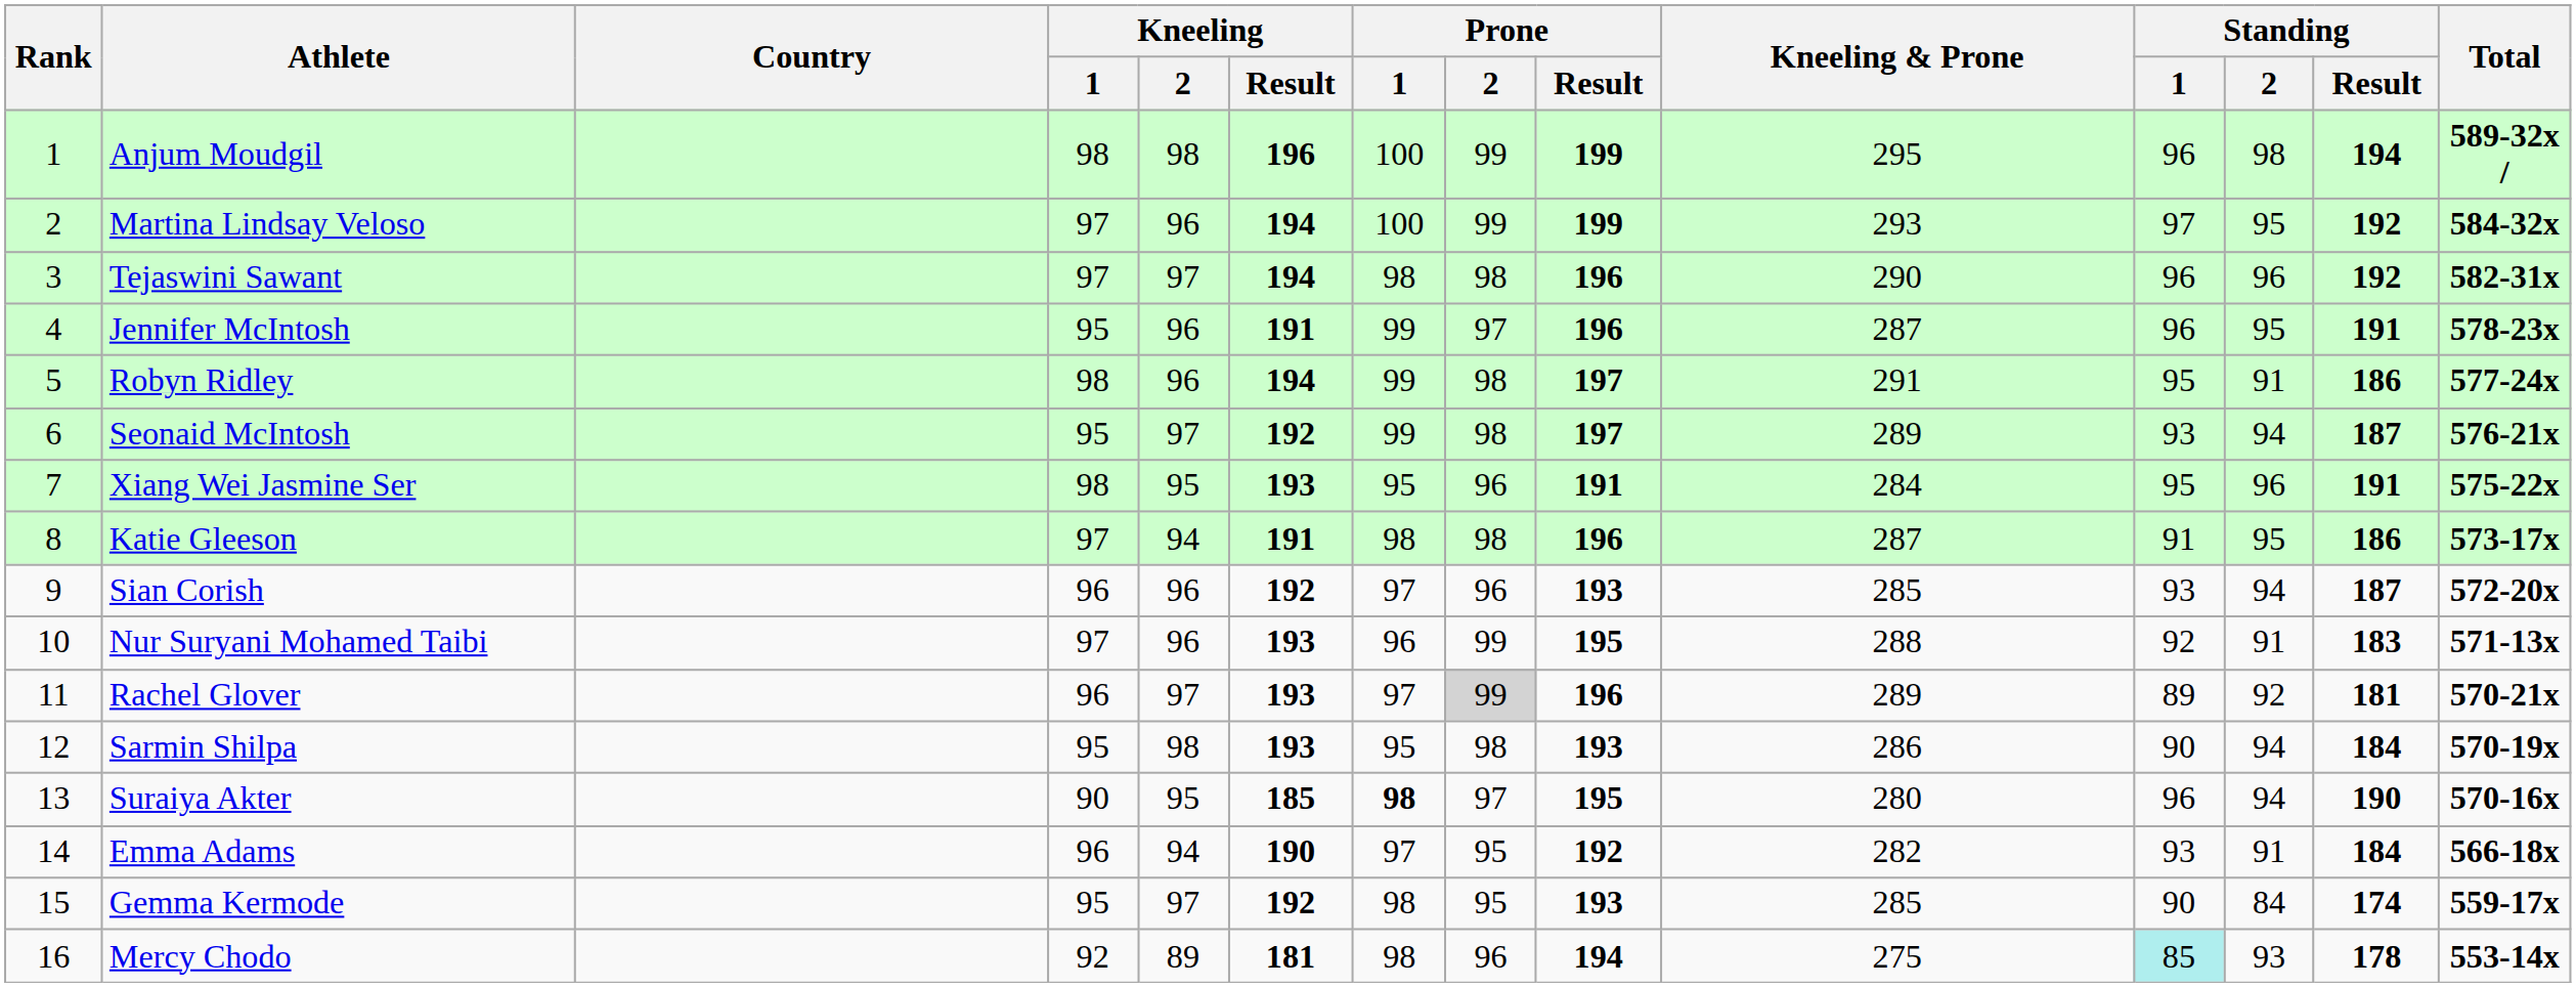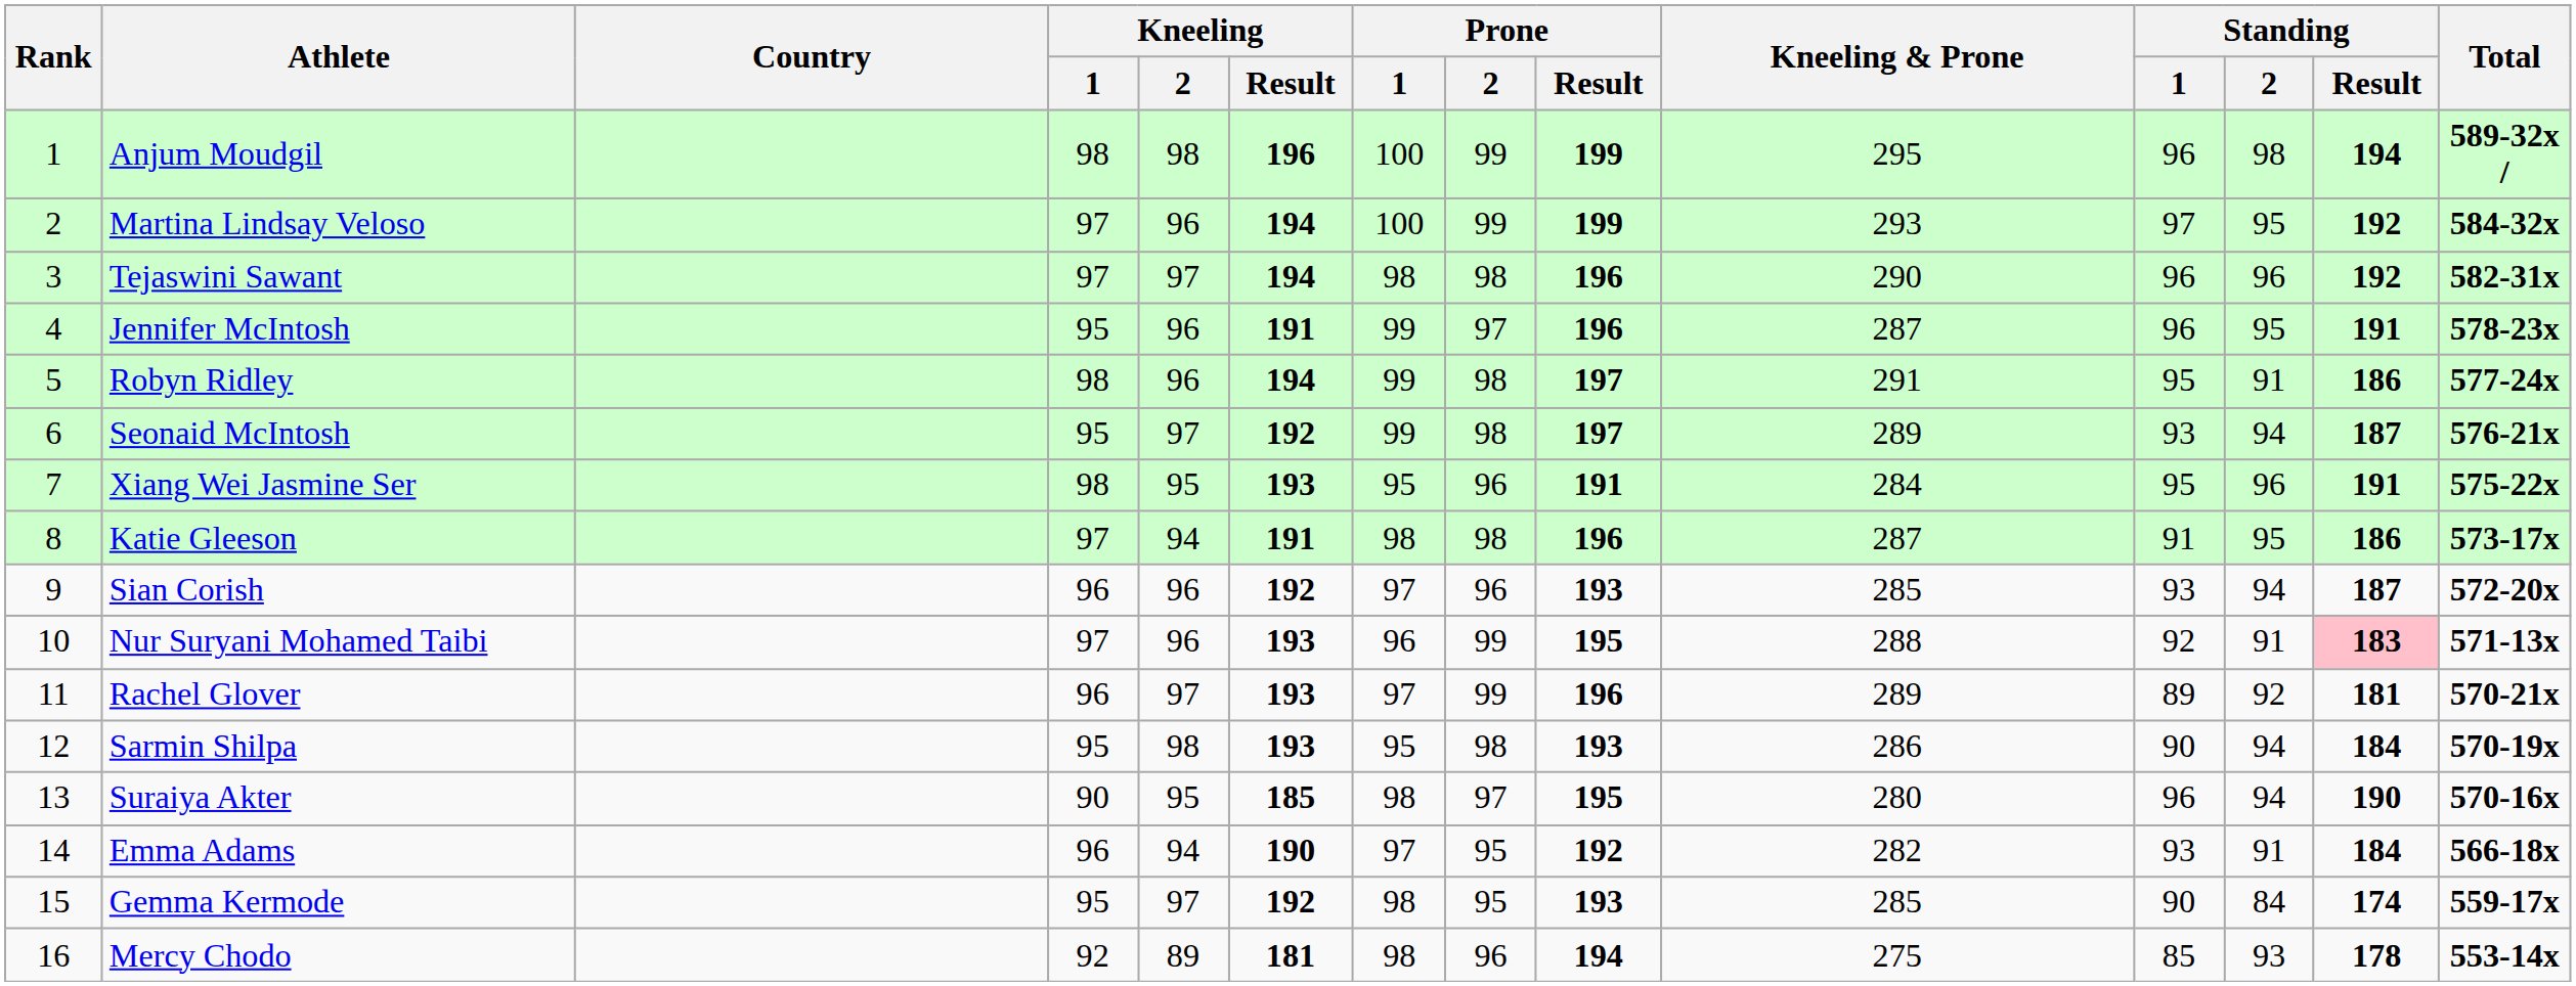 <table class="wikitable sortable" style="text-align:center;">
 <tr>
 <th rowspan=2 width=40>Rank</th>
 <th rowspan=2 width=250>Athlete</th>
 <th rowspan=2 width=250>Country</th>
 <th colspan=3>Kneeling</th>
 <th colspan=3>Prone</th>
 <th rowspan=2 width=250>Kneeling & Prone</th>
 <th colspan=3>Standing</th>
 <th rowspan=2 width=60>Total</th>
 </tr>
 <tr>
 <th width=40>1</th>
 <th width=40>2</th>
 <th width=55>Result</th>
 <th width=40>1</th>
 <th width=40>2</th>
 <th width=55>Result</th>
 <th width=40>1</th>
 <th width=40>2</th>
 <th width=55>Result</th>
 </tr>
 <tr bgcolor=ccffcc>
 <td>1</td>
 <td align=left><a href='#'>Anjum Moudgil</a></td>
 <td align=left></td>
 <td>98</td>
 <td>98</td>
 <td><strong>196</strong></td>
 <td>100</td>
 <td>99</td>
 <td><strong>199</strong></td>
 <td>295</td>
 <td>96</td>
 <td>98</td>
 <td><strong>194</strong></td>
 <td><strong>589-32x /</strong></td>
 </tr>
 <tr bgcolor=ccffcc>
 <td>2</td>
 <td align=left><a href='#'>Martina Lindsay Veloso</a></td>
 <td align=left></td>
 <td>97</td>
 <td>96</td>
 <td><strong>194</strong></td>
 <td>100</td>
 <td>99</td>
 <td><strong>199</strong></td>
 <td>293</td>
 <td>97</td>
 <td>95</td>
 <td><strong>192</strong></td>
 <td><strong>584-32x </strong></td>
 </tr>
 <tr bgcolor=ccffcc>
 <td>3</td>
 <td align=left><a href='#'>Tejaswini Sawant</a></td>
 <td align=left></td>
 <td>97</td>
 <td>97</td>
 <td><strong>194</strong></td>
 <td>98</td>
 <td>98</td>
 <td><strong>196</strong></td>
 <td>290</td>
 <td>96</td>
 <td>96</td>
 <td><strong>192</strong></td>
 <td><strong>582-31x </strong></td>
 </tr>
 <tr bgcolor=ccffcc>
 <td>4</td>
 <td align=left><a href='#'>Jennifer McIntosh</a></td>
 <td align=left></td>
 <td>95</td>
 <td>96</td>
 <td><strong>191</strong></td>
 <td>99</td>
 <td>97</td>
 <td><strong>196</strong></td>
 <td>287</td>
 <td>96</td>
 <td>95</td>
 <td><strong>191</strong></td>
 <td><strong>578-23x </strong></td>
 </tr>
 <tr bgcolor=ccffcc>
 <td>5</td>
 <td align=left><a href='#'>Robyn Ridley</a></td>
 <td align=left></td>
 <td>98</td>
 <td>96</td>
 <td><strong>194</strong></td>
 <td>99</td>
 <td>98</td>
 <td><strong>197</strong></td>
 <td>291</td>
 <td>95</td>
 <td>91</td>
 <td><strong>186</strong></td>
 <td><strong>577-24x </strong></td>
 </tr>
 <tr bgcolor=ccffcc>
 <td>6</td>
 <td align=left><a href='#'>Seonaid McIntosh</a></td>
 <td align=left></td>
 <td>95</td>
 <td>97</td>
 <td><strong>192</strong></td>
 <td>99</td>
 <td>98</td>
 <td><strong>197</strong></td>
 <td>289</td>
 <td>93</td>
 <td>94</td>
 <td><strong>187</strong></td>
 <td><strong>576-21x </strong></td>
 </tr>
 <tr bgcolor=ccffcc>
 <td>7</td>
 <td align=left><a href='#'>Xiang Wei Jasmine Ser</a></td>
 <td align=left></td>
 <td>98</td>
 <td>95</td>
 <td><strong>193</strong></td>
 <td>95</td>
 <td>96</td>
 <td><strong>191</strong></td>
 <td>284</td>
 <td>95</td>
 <td>96</td>
 <td><strong>191</strong></td>
 <td><strong>575-22x </strong></td>
 </tr>
 <tr bgcolor=ccffcc>
 <td>8</td>
 <td align=left><a href='#'>Katie Gleeson</a></td>
 <td align=left></td>
 <td>97</td>
 <td>94</td>
 <td><strong>191</strong></td>
 <td>98</td>
 <td>98</td>
 <td><strong>196</strong></td>
 <td>287</td>
 <td>91</td>
 <td>95</td>
 <td><strong>186</strong></td>
 <td><strong>573-17x </strong></td>
 </tr>
 <tr>
 <td>9</td>
 <td align=left><a href='#'>Sian Corish</a></td>
 <td align=left></td>
 <td>96</td>
 <td>96</td>
 <td><strong>192</strong></td>
 <td>97</td>
 <td>96</td>
 <td><strong>193</strong></td>
 <td>285</td>
 <td>93</td>
 <td>94</td>
 <td><strong>187</strong></td>
 <td><strong>572-20x</strong></td>
 </tr>
 <tr>
 <td>10</td>
 <td align=left><a href='#'>Nur Suryani Mohamed Taibi</a></td>
 <td align=left></td>
 <td>97</td>
 <td>96</td>
 <td><strong>193</strong></td>
 <td>96</td>
 <td>99</td>
 <td><strong>195</strong></td>
 <td>288</td>
 <td>92</td>
 <td>91</td>
-<td><strong>183</strong></td>
+<td style="background: pink;"><strong>183</strong></td>
 <td><strong>571-13x</strong></td>
 </tr>
 <tr>
 <td>11</td>
 <td align=left><a href='#'>Rachel Glover</a></td>
 <td align=left></td>
 <td>96</td>
 <td>97</td>
 <td><strong>193</strong></td>
 <td>97</td>
-<td style="background: lightgrey;">99</td>
+<td>99</td>
 <td><strong>196</strong></td>
 <td>289</td>
 <td>89</td>
 <td>92</td>
 <td><strong>181</strong></td>
 <td><strong>570-21x</strong></td>
 </tr>
 <tr>
 <td>12</td>
 <td align=left><a href='#'>Sarmin Shilpa</a></td>
 <td align=left></td>
 <td>95</td>
 <td>98</td>
 <td><strong>193</strong></td>
 <td>95</td>
 <td>98</td>
 <td><strong>193</strong></td>
 <td>286</td>
 <td>90</td>
 <td>94</td>
 <td><strong>184</strong></td>
 <td><strong>570-19x</strong></td>
 </tr>
 <tr>
 <td>13</td>
 <td align=left><a href='#'>Suraiya Akter</a></td>
 <td align=left></td>
 <td>90</td>
 <td>95</td>
 <td><strong>185</strong></td>
-<td><strong>98</strong></td>
+<td>98</td>
 <td>97</td>
 <td><strong>195</strong></td>
 <td>280</td>
 <td>96</td>
 <td>94</td>
 <td><strong>190</strong></td>
 <td><strong>570-16x</strong></td>
 </tr>
 <tr>
 <td>14</td>
 <td align=left><a href='#'>Emma Adams</a></td>
 <td align=left></td>
 <td>96</td>
 <td>94</td>
 <td><strong>190</strong></td>
 <td>97</td>
 <td>95</td>
 <td><strong>192</strong></td>
 <td>282</td>
 <td>93</td>
 <td>91</td>
 <td><strong>184</strong></td>
 <td><strong>566-18x</strong></td>
 </tr>
 <tr>
 <td>15</td>
 <td align=left><a href='#'>Gemma Kermode</a></td>
 <td align=left></td>
 <td>95</td>
 <td>97</td>
 <td><strong>192</strong></td>
 <td>98</td>
 <td>95</td>
 <td><strong>193</strong></td>
 <td>285</td>
 <td>90</td>
 <td>84</td>
 <td><strong>174</strong></td>
 <td><strong>559-17x</strong></td>
 </tr>
 <tr>
 <td>16</td>
 <td align=left><a href='#'>Mercy Chodo</a></td>
 <td align=left></td>
 <td>92</td>
 <td>89</td>
 <td><strong>181</strong></td>
 <td>98</td>
 <td>96</td>
 <td><strong>194</strong></td>
 <td>275</td>
-<td style="background: paleturquoise;">85</td>
+<td>85</td>
 <td>93</td>
 <td><strong>178</strong></td>
 <td><strong>553-14x</strong></td>
 </tr>
 </table>
